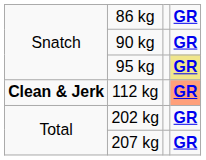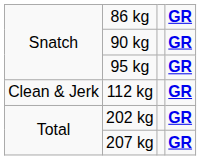 <table class = "wikitable" style="text-align:center;">
 <tr>
 <td rowspan=3>Snatch</td>
 <td>86 kg</td>
 <td align=left></td>
 <td><strong><a href='#'>GR</a></strong></td>
 </tr>
 <tr>
 <td>90 kg</td>
 <td align=left></td>
 <td><strong><a href='#'>GR</a></strong></td>
 </tr>
 <tr>
 <td>95 kg</td>
 <td align=left></td>
-<td style="background: khaki;"><strong><a href='#'>GR</a></strong></td>
+<td><strong><a href='#'>GR</a></strong></td>
 </tr>
 <tr>
-<td><strong>Clean & Jerk</strong></td>
+<td>Clean & Jerk</td>
 <td>112 kg</td>
 <td align=left></td>
-<td style="background: lightsalmon;"><strong><a href='#'>GR</a></strong></td>
+<td><strong><a href='#'>GR</a></strong></td>
 </tr>
 <tr>
 <td rowspan=2>Total</td>
 <td>202 kg</td>
 <td align=left></td>
 <td><strong><a href='#'>GR</a></strong></td>
 </tr>
 <tr>
 <td>207 kg</td>
 <td align=left></td>
 <td><strong><a href='#'>GR</a></strong></td>
 </tr>
 </table>
